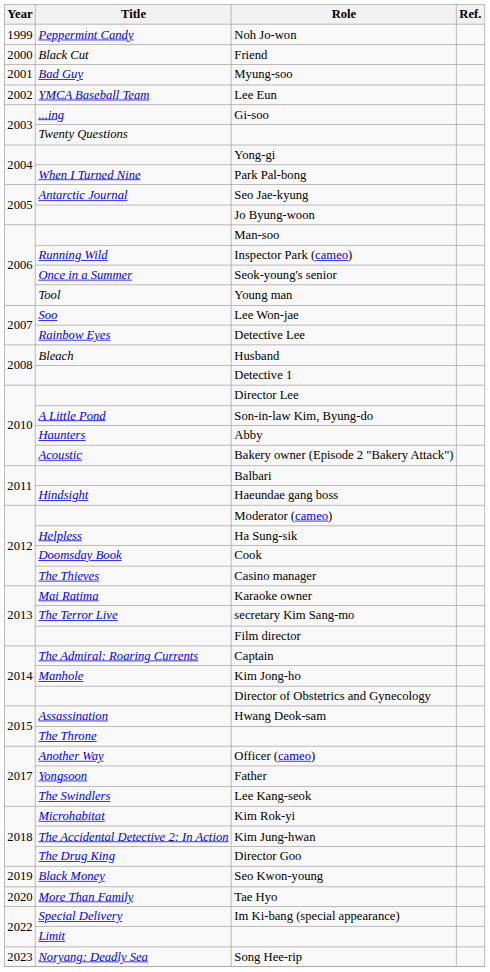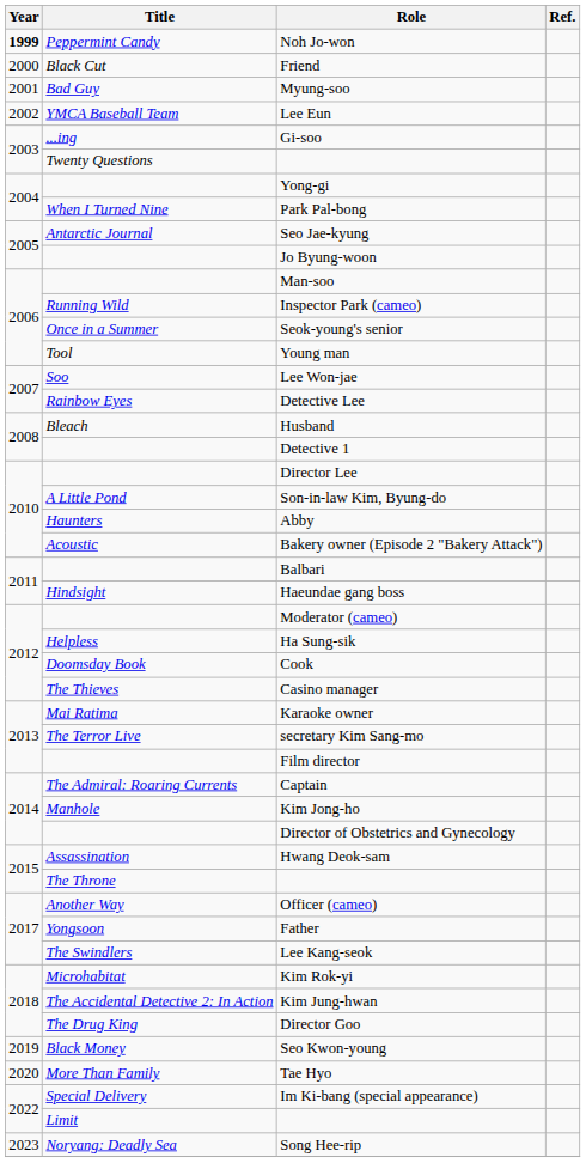 <table class="wikitable sortable">
 <tr>
 <th>Year</th>
 <th>Title</th>
 <th>Role</th>
 <th>Ref.</th>
 </tr>
 <tr>
-<td>1999</td>
+<td><strong>1999</strong></td>
 <td><em><a href='#'>Peppermint Candy</a></em></td>
 <td>Noh Jo-won</td>
 <td></td>
 </tr>
 <tr>
 <td>2000</td>
 <td><em>Black Cut</em></td>
 <td>Friend</td>
 <td></td>
 </tr>
 <tr>
 <td>2001</td>
 <td><em><a href='#'>Bad Guy</a></em></td>
 <td>Myung-soo</td>
 <td></td>
 </tr>
 <tr>
 <td>2002</td>
 <td><em><a href='#'>YMCA Baseball Team</a></em></td>
 <td>Lee Eun</td>
 <td></td>
 </tr>
 <tr>
 <td rowspan=2>2003</td>
 <td><em><a href='#'>...ing</a></em></td>
 <td>Gi-soo</td>
 <td></td>
 </tr>
 <tr>
 <td><em>Twenty Questions</em></td>
 <td></td>
 <td></td>
 </tr>
 <tr>
 <td rowspan=2>2004</td>
 <td><em></em></td>
 <td>Yong-gi</td>
 <td></td>
 </tr>
 <tr>
 <td><em><a href='#'>When I Turned Nine</a></em></td>
 <td>Park Pal-bong</td>
 <td></td>
 </tr>
 <tr>
 <td rowspan=2>2005</td>
 <td><em><a href='#'>Antarctic Journal</a></em></td>
 <td>Seo Jae-kyung</td>
 <td></td>
 </tr>
 <tr>
 <td><em></em></td>
 <td>Jo Byung-woon</td>
 <td></td>
 </tr>
 <tr>
 <td rowspan=4>2006</td>
 <td><em></em></td>
 <td>Man-soo</td>
 <td></td>
 </tr>
 <tr>
 <td><em><a href='#'>Running Wild</a></em></td>
 <td>Inspector Park (<a href='#'>cameo</a>)</td>
 <td></td>
 </tr>
 <tr>
 <td><em><a href='#'>Once in a Summer</a></em></td>
 <td>Seok-young's senior</td>
 <td></td>
 </tr>
 <tr>
 <td><em>Tool</em></td>
 <td>Young man</td>
 <td></td>
 </tr>
 <tr>
 <td rowspan=2>2007</td>
 <td><em><a href='#'>Soo</a></em></td>
 <td>Lee Won-jae</td>
 <td></td>
 </tr>
 <tr>
 <td><em><a href='#'>Rainbow Eyes</a></em></td>
 <td>Detective Lee</td>
 <td></td>
 </tr>
 <tr>
 <td rowspan=2>2008</td>
 <td><em>Bleach</em></td>
 <td>Husband</td>
 <td></td>
 </tr>
 <tr>
 <td><em></em></td>
 <td>Detective 1</td>
 <td></td>
 </tr>
 <tr>
 <td rowspan=4>2010</td>
 <td><em></em></td>
 <td>Director Lee</td>
 <td></td>
 </tr>
 <tr>
 <td><em><a href='#'>A Little Pond</a></em></td>
 <td>Son-in-law Kim, Byung-do</td>
 <td></td>
 </tr>
 <tr>
 <td><em><a href='#'>Haunters</a></em></td>
 <td>Abby</td>
 <td></td>
 </tr>
 <tr>
 <td><em><a href='#'>Acoustic</a></em></td>
 <td>Bakery owner (Episode 2 "Bakery Attack")</td>
 <td></td>
 </tr>
 <tr>
 <td rowspan=2>2011</td>
 <td><em></em></td>
 <td>Balbari</td>
 <td></td>
 </tr>
 <tr>
 <td><em><a href='#'>Hindsight</a></em></td>
 <td>Haeundae gang boss</td>
 <td></td>
 </tr>
 <tr>
 <td rowspan=4>2012</td>
 <td><em></em></td>
 <td>Moderator (<a href='#'>cameo</a>)</td>
 <td></td>
 </tr>
 <tr>
 <td><em><a href='#'>Helpless</a></em></td>
 <td>Ha Sung-sik</td>
 <td></td>
 </tr>
 <tr>
 <td><em><a href='#'>Doomsday Book</a></em></td>
 <td>Cook</td>
 <td></td>
 </tr>
 <tr>
 <td><em><a href='#'>The Thieves</a></em></td>
 <td>Casino manager</td>
 <td></td>
 </tr>
 <tr>
 <td rowspan=3>2013</td>
 <td><em><a href='#'>Mai Ratima</a></em></td>
 <td>Karaoke owner</td>
 <td></td>
 </tr>
 <tr>
 <td><em><a href='#'>The Terror Live</a></em></td>
 <td>secretary Kim Sang-mo</td>
 <td></td>
 </tr>
 <tr>
 <td><em></em></td>
 <td>Film director</td>
 <td></td>
 </tr>
 <tr>
 <td rowspan=3>2014</td>
 <td><em><a href='#'>The Admiral: Roaring Currents</a></em></td>
 <td>Captain </td>
 <td></td>
 </tr>
 <tr>
 <td><em><a href='#'>Manhole</a></em></td>
 <td>Kim Jong-ho</td>
 <td></td>
 </tr>
 <tr>
 <td><em></em></td>
 <td>Director of Obstetrics and Gynecology</td>
 <td></td>
 </tr>
 <tr>
 <td rowspan=2>2015</td>
 <td><em><a href='#'>Assassination</a></em></td>
 <td>Hwang Deok-sam</td>
 <td></td>
 </tr>
 <tr>
 <td><em><a href='#'>The Throne</a></em></td>
 <td></td>
 <td></td>
 </tr>
 <tr>
 <td rowspan=3>2017</td>
 <td><em><a href='#'>Another Way</a></em></td>
 <td>Officer (<a href='#'>cameo</a>)</td>
 <td></td>
 </tr>
 <tr>
 <td><em><a href='#'>Yongsoon</a></em></td>
 <td>Father</td>
 <td></td>
 </tr>
 <tr>
 <td><em><a href='#'>The Swindlers</a></em></td>
 <td>Lee Kang-seok</td>
 <td></td>
 </tr>
 <tr>
 <td rowspan=3>2018</td>
 <td><em><a href='#'>Microhabitat</a></em></td>
 <td>Kim Rok-yi</td>
 <td></td>
 </tr>
 <tr>
 <td><em><a href='#'>The Accidental Detective 2: In Action</a></em></td>
 <td>Kim Jung-hwan</td>
 <td></td>
 </tr>
 <tr>
 <td><em><a href='#'>The Drug King</a></em></td>
 <td>Director Goo</td>
 <td></td>
 </tr>
 <tr>
 <td>2019</td>
 <td><em><a href='#'>Black Money</a></em></td>
 <td>Seo Kwon-young</td>
 <td></td>
 </tr>
 <tr>
 <td>2020</td>
 <td><em><a href='#'>More Than Family</a></em></td>
 <td>Tae Hyo</td>
 <td></td>
 </tr>
 <tr>
 <td rowspan=2>2022</td>
 <td><em><a href='#'>Special Delivery</a></em></td>
 <td>Im Ki-bang (special appearance)</td>
 <td></td>
 </tr>
 <tr>
 <td><em><a href='#'>Limit</a></em></td>
 <td></td>
 <td></td>
 </tr>
 <tr>
 <td>2023</td>
 <td><em><a href='#'>Noryang: Deadly Sea</a></td>
 <td>Song Hee-rip</td>
 <td></td>
 </tr>
 <tr>
 </tr>
 </table>
